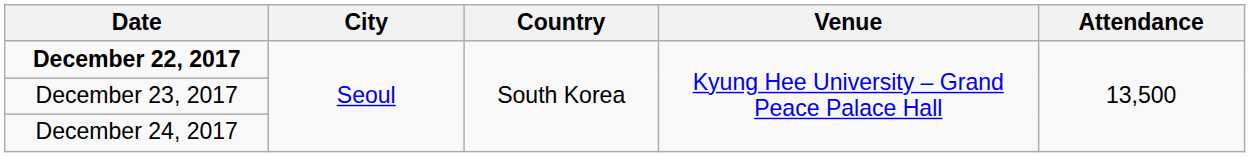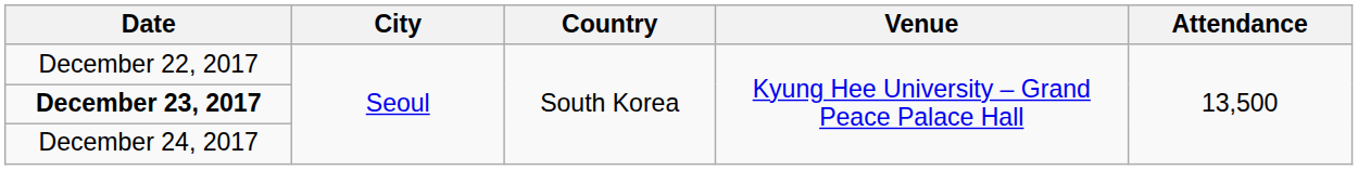 <table class="wikitable" style="text-align:center;">
 <tr>
 <th scope="col" style="width:11em;">Date</th>
 <th scope="col" style="width:8em;">City</th>
 <th scope="col" style="width:8em;">Country</th>
 <th scope="col" style="width:16em;">Venue</th>
 <th scope="col" style="width:8.5em;">Attendance</th>
 </tr>
 <tr>
-<td><strong>December 22, 2017</strong></td>
+<td>December 22, 2017</td>
 <td rowspan="3"><a href='#'>Seoul</a></td>
 <td rowspan="3">South Korea</td>
 <td rowspan="3"><a href='#'>Kyung Hee University – Grand Peace Palace Hall</a></td>
 <td rowspan="3">13,500</td>
 </tr>
 <tr>
-<td>December 23, 2017</td>
+<td><strong>December 23, 2017</strong></td>
 </tr>
 <tr>
 <td>December 24, 2017</td>
 </tr>
 </table>
